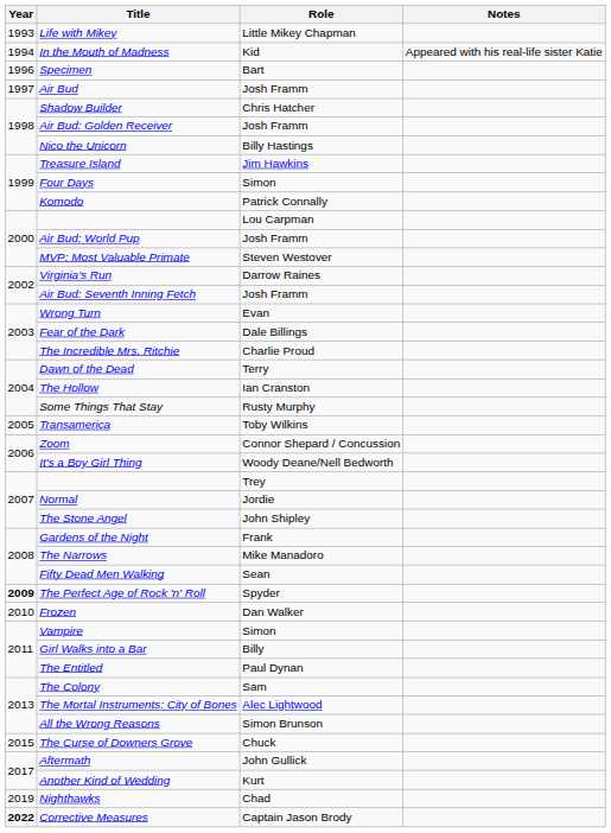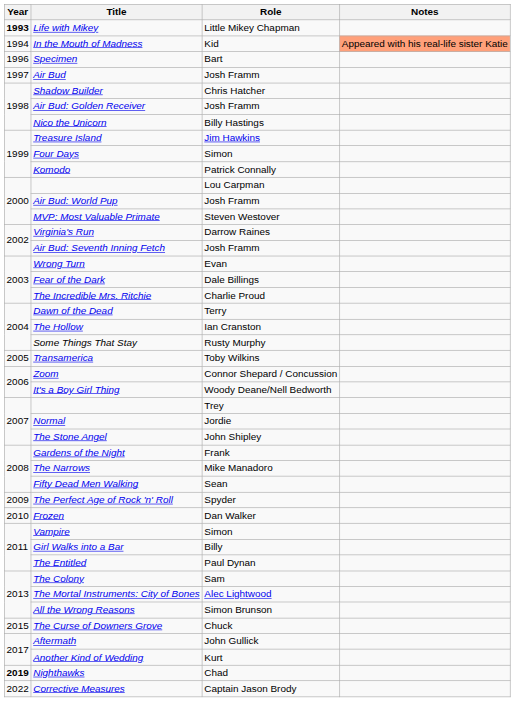 <table class="wikitable sortable">
 <tr>
 <th>Year</th>
 <th>Title</th>
 <th>Role</th>
 <th class="unsortable">Notes</th>
 </tr>
 <tr>
-<td>1993</td>
+<td><strong>1993</strong></td>
 <td><em><a href='#'>Life with Mikey</a></em></td>
 <td>Little Mikey Chapman</td>
 <td></td>
 </tr>
 <tr>
 <td>1994</td>
 <td><em><a href='#'>In the Mouth of Madness</a></em></td>
 <td>Kid</td>
-<td>Appeared with his real-life sister Katie</td>
+<td style="background: lightsalmon;">Appeared with his real-life sister Katie</td>
 </tr>
 <tr>
 <td>1996</td>
 <td><em><a href='#'>Specimen</a></em></td>
 <td>Bart</td>
 <td></td>
 </tr>
 <tr>
 <td>1997</td>
 <td><em><a href='#'>Air Bud</a></em></td>
 <td>Josh Framm</td>
 <td></td>
 </tr>
 <tr>
 <td rowspan=3>1998</td>
 <td><em><a href='#'>Shadow Builder</a></em></td>
 <td>Chris Hatcher</td>
 <td></td>
 </tr>
 <tr>
 <td><em><a href='#'>Air Bud: Golden Receiver</a></em></td>
 <td>Josh Framm</td>
 <td></td>
 </tr>
 <tr>
 <td><em><a href='#'>Nico the Unicorn</a></em></td>
 <td>Billy Hastings</td>
 <td></td>
 </tr>
 <tr>
 <td rowspan=3>1999</td>
 <td><em><a href='#'>Treasure Island</a></em></td>
 <td><a href='#'>Jim Hawkins</a></td>
 <td></td>
 </tr>
 <tr>
 <td><em><a href='#'>Four Days</a></em></td>
 <td>Simon</td>
 <td></td>
 </tr>
 <tr>
 <td><em><a href='#'>Komodo</a></em></td>
 <td>Patrick Connally</td>
 <td></td>
 </tr>
 <tr>
 <td rowspan=3>2000</td>
 <td><em></em></td>
 <td>Lou Carpman</td>
 <td></td>
 </tr>
 <tr>
 <td><em><a href='#'>Air Bud: World Pup</a></em></td>
 <td>Josh Framm</td>
 <td></td>
 </tr>
 <tr>
 <td><em><a href='#'>MVP: Most Valuable Primate</a></em></td>
 <td>Steven Westover</td>
 <td></td>
 </tr>
 <tr>
 <td rowspan=2>2002</td>
 <td><em><a href='#'>Virginia's Run</a></em></td>
 <td>Darrow Raines</td>
 <td></td>
 </tr>
 <tr>
 <td><em><a href='#'>Air Bud: Seventh Inning Fetch</a></em></td>
 <td>Josh Framm</td>
 <td></td>
 </tr>
 <tr>
 <td rowspan=3>2003</td>
 <td><em><a href='#'>Wrong Turn</a></em></td>
 <td>Evan</td>
 <td></td>
 </tr>
 <tr>
 <td><em><a href='#'>Fear of the Dark</a></em></td>
 <td>Dale Billings</td>
 <td></td>
 </tr>
 <tr>
 <td data-sort-value="Incredible Mrs. Ritchie, The"><em><a href='#'>The Incredible Mrs. Ritchie</a></em></td>
 <td>Charlie Proud</td>
 <td></td>
 </tr>
 <tr>
 <td rowspan=3>2004</td>
 <td><em><a href='#'>Dawn of the Dead</a></em></td>
 <td>Terry</td>
 <td></td>
 </tr>
 <tr>
 <td data-sort-value="Hollow, The"><em><a href='#'>The Hollow</a></em></td>
 <td>Ian Cranston</td>
 <td></td>
 </tr>
 <tr>
 <td><em>Some Things That Stay</em></td>
 <td>Rusty Murphy</td>
 <td></td>
 </tr>
 <tr>
 <td>2005</td>
 <td><em><a href='#'>Transamerica</a></em></td>
 <td>Toby Wilkins</td>
 <td></td>
 </tr>
 <tr>
 <td rowspan=2>2006</td>
 <td><em><a href='#'>Zoom</a></em></td>
 <td>Connor Shepard / Concussion</td>
 <td></td>
 </tr>
 <tr>
 <td><em><a href='#'>It's a Boy Girl Thing</a></em></td>
 <td>Woody Deane/Nell Bedworth</td>
 <td></td>
 </tr>
 <tr>
 <td rowspan=3>2007</td>
 <td><em></em></td>
 <td>Trey</td>
 <td></td>
 </tr>
 <tr>
 <td><em><a href='#'>Normal</a></em></td>
 <td>Jordie</td>
 <td></td>
 </tr>
 <tr>
 <td data-sort-value="Stone Angel, The"><em><a href='#'>The Stone Angel</a></em></td>
 <td>John Shipley</td>
 <td></td>
 </tr>
 <tr>
 <td rowspan=3>2008</td>
 <td><em><a href='#'>Gardens of the Night</a></em></td>
 <td>Frank</td>
 <td></td>
 </tr>
 <tr>
 <td data-sort-value="Narrows, The"><em><a href='#'>The Narrows</a></em></td>
 <td>Mike Manadoro</td>
 <td></td>
 </tr>
 <tr>
 <td><em><a href='#'>Fifty Dead Men Walking</a></em></td>
 <td>Sean</td>
 <td></td>
 </tr>
 <tr>
-<td><strong>2009</strong></td>
+<td>2009</td>
 <td data-sort-value="Perfect Age of Rock 'n' Roll, The"><em><a href='#'>The Perfect Age of Rock 'n' Roll</a></em></td>
 <td>Spyder</td>
 <td></td>
 </tr>
 <tr>
 <td>2010</td>
 <td><em><a href='#'>Frozen</a></em></td>
 <td>Dan Walker</td>
 <td></td>
 </tr>
 <tr>
 <td rowspan=3>2011</td>
 <td><em><a href='#'>Vampire</a></em></td>
 <td>Simon</td>
 <td></td>
 </tr>
 <tr>
 <td><em><a href='#'>Girl Walks into a Bar</a></em></td>
 <td>Billy</td>
 <td></td>
 </tr>
 <tr>
 <td data-sort-value="Entitled, The"><em><a href='#'>The Entitled</a></em></td>
 <td>Paul Dynan</td>
 <td></td>
 </tr>
 <tr>
 <td rowspan=3>2013</td>
 <td data-sort-value="Colony, The"><em><a href='#'>The Colony</a></em></td>
 <td>Sam</td>
 <td></td>
 </tr>
 <tr>
 <td data-sort-value="Mortal Instruments: City of Bones, The"><em><a href='#'>The Mortal Instruments: City of Bones</a></em></td>
 <td><a href='#'>Alec Lightwood</a></td>
 <td></td>
 </tr>
 <tr>
 <td><em><a href='#'>All the Wrong Reasons</a></em></td>
 <td>Simon Brunson</td>
 <td></td>
 </tr>
 <tr>
 <td>2015</td>
 <td data-sort-value="Curse of Downers Grove, The"><em><a href='#'>The Curse of Downers Grove</a></em></td>
 <td>Chuck</td>
 <td></td>
 </tr>
 <tr>
 <td rowspan=2>2017</td>
 <td><em><a href='#'>Aftermath</a></em></td>
 <td>John Gullick</td>
 <td></td>
 </tr>
 <tr>
 <td><em><a href='#'>Another Kind of Wedding</a></em></td>
 <td>Kurt</td>
 <td></td>
 </tr>
 <tr>
-<td>2019</td>
+<td><strong>2019</strong></td>
 <td><em><a href='#'>Nighthawks</a></em></td>
 <td>Chad</td>
 <td></td>
 </tr>
 <tr>
-<td><strong>2022</strong></td>
+<td>2022</td>
 <td><em><a href='#'>Corrective Measures</a></em></td>
 <td>Captain Jason Brody</td>
 <td></td>
 </tr>
 </table>
